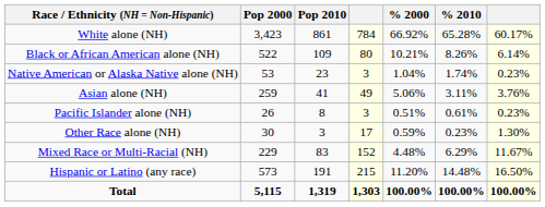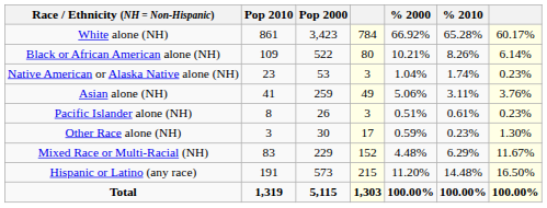 <table class="wikitable" style="text-align:center;">
 <tr>
 <th>Race / Ethnicity <small>(<em>NH = Non-Hispanic</em>)</small></th>
+<th>Pop 2010</th>
 <th>Pop 2000</th>
-<th>Pop 2010</th>
 <th></th>
 <th>% 2000</th>
 <th>% 2010</th>
 <th></th>
 </tr>
 <tr>
 <td><a href='#'>White</a> alone (NH)</td>
+<td>861</td>
 <td>3,423</td>
-<td>861</td>
 <td style='background: #ffffe6;'>784</td>
 <td>66.92%</td>
 <td>65.28%</td>
 <td style='background: #ffffe6;'>60.17%</td>
 </tr>
 <tr>
 <td><a href='#'>Black or African American</a> alone (NH)</td>
+<td>109</td>
 <td>522</td>
-<td>109</td>
 <td style='background: #ffffe6;'>80</td>
 <td>10.21%</td>
 <td>8.26%</td>
 <td style='background: #ffffe6;'>6.14%</td>
 </tr>
 <tr>
 <td><a href='#'>Native American</a> or <a href='#'>Alaska Native</a> alone (NH)</td>
+<td>23</td>
 <td>53</td>
-<td>23</td>
 <td style='background: #ffffe6;'>3</td>
 <td>1.04%</td>
 <td>1.74%</td>
 <td style='background: #ffffe6;'>0.23%</td>
 </tr>
 <tr>
 <td><a href='#'>Asian</a> alone (NH)</td>
+<td>41</td>
 <td>259</td>
-<td>41</td>
 <td style='background: #ffffe6;'>49</td>
 <td>5.06%</td>
 <td>3.11%</td>
 <td style='background: #ffffe6;'>3.76%</td>
 </tr>
 <tr>
 <td><a href='#'>Pacific Islander</a> alone (NH)</td>
+<td>8</td>
 <td>26</td>
-<td>8</td>
 <td style='background: #ffffe6;'>3</td>
 <td>0.51%</td>
 <td>0.61%</td>
 <td style='background: #ffffe6;'>0.23%</td>
 </tr>
 <tr>
 <td><a href='#'>Other Race</a> alone (NH)</td>
+<td>3</td>
 <td>30</td>
-<td>3</td>
 <td style='background: #ffffe6;'>17</td>
 <td>0.59%</td>
 <td>0.23%</td>
 <td style='background: #ffffe6;'>1.30%</td>
 </tr>
 <tr>
 <td><a href='#'>Mixed Race or Multi-Racial</a> (NH)</td>
+<td>83</td>
 <td>229</td>
-<td>83</td>
 <td style='background: #ffffe6;'>152</td>
 <td>4.48%</td>
 <td>6.29%</td>
 <td style='background: #ffffe6;'>11.67%</td>
 </tr>
 <tr>
 <td><a href='#'>Hispanic or Latino</a> (any race)</td>
+<td>191</td>
 <td>573</td>
-<td>191</td>
 <td style='background: #ffffe6;'>215</td>
 <td>11.20%</td>
 <td>14.48%</td>
 <td style='background: #ffffe6;'>16.50%</td>
 </tr>
 <tr>
 <td><strong>Total</strong></td>
+<td><strong>1,319</strong></td>
 <td><strong>5,115</strong></td>
-<td><strong>1,319</strong></td>
 <td style='background: #ffffe6;'><strong>1,303</strong></td>
 <td><strong>100.00%</strong></td>
 <td><strong>100.00%</strong></td>
 <td style='background: #ffffe6;'><strong>100.00%</strong></td>
 </tr>
 </table>
